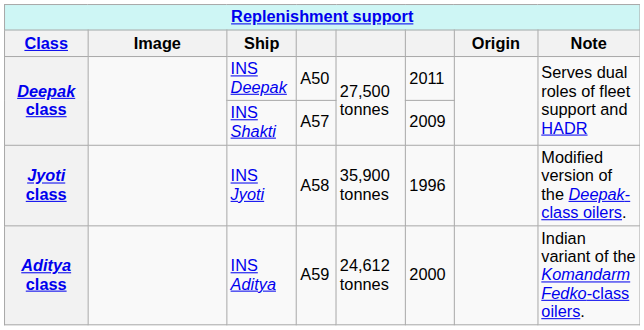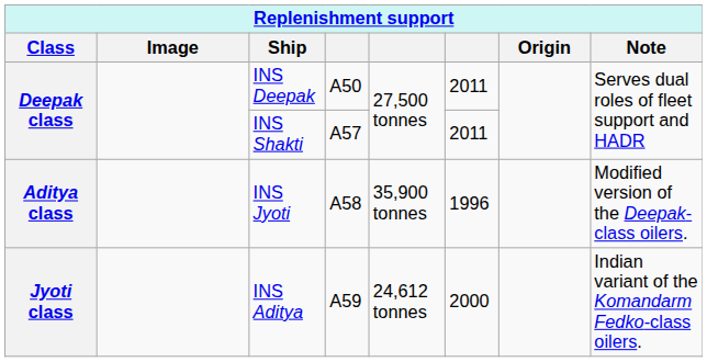 <table class="wikitable" style="margin:auto; width:100%;">
 <tr>
 <th style="align: center; background: #CEF6F5;" colspan="8"><a href='#'>Replenishment support</a></th>
 </tr>
 <tr>
 <th style="text-align:center; width:12%;"><a href='#'>Class</a></th>
 <th style="text-align:center; width:20%;">Image</th>
 <th style="text-align:center; width:10%;">Ship</th>
 <th style="text-align:center; width:5%;"></th>
 <th style="text-align:center; width:10%;"></th>
 <th style="text-align:center; width:7%;"></th>
 <th style="text-align:center; width:12%;">Origin</th>
 <th style="text-align:center; width:10%;">Note</th>
 </tr>
 <tr>
 <th rowspan="2"><a href='#'><em>Deepak</em> class</a></th>
 <td rowspan="2"></td>
 <td><a href='#'>INS <em>Deepak</em></a></td>
 <td>A50</td>
 <td rowspan="2">27,500 tonnes</td>
 <td>2011</td>
 <td rowspan="2"></td>
 <td rowspan="2">Serves dual roles of fleet support and <a href='#'>HADR</a></td>
 </tr>
 <tr>
 <td><a href='#'>INS <em>Shakti</em></a></td>
 <td>A57</td>
-<td>2009</td>
+<td>2011</td>
 </tr>
 <tr>
-<th rowspan="1"><a href='#'><em>Jyoti</em> class</a></th>
+<th rowspan="1"><a href='#'><em>Aditya</em> class</a></th>
 <td rowspan="1"></td>
 <td><a href='#'>INS <em>Jyoti</em></a></td>
 <td>A58</td>
 <td rowspan="1">35,900 tonnes</td>
 <td>1996</td>
 <td rowspan="1"></td>
 <td rowspan="1">Modified version of the <a href='#'><em>Deepak</em>-class oilers</a>.</td>
 </tr>
 <tr>
-<th rowspan="1"><a href='#'><em>Aditya</em> class</a></th>
+<th rowspan="1"><a href='#'><em>Jyoti</em> class</a></th>
 <td rowspan="1"></td>
 <td><a href='#'>INS <em>Aditya</em></a></td>
 <td>A59</td>
 <td rowspan="1">24,612 tonnes</td>
 <td>2000</td>
 <td rowspan="1"></td>
 <td rowspan="1">Indian variant of the <a href='#'><em>Komandarm Fedko</em>-class oilers</a>.</td>
 </tr>
 </table>
